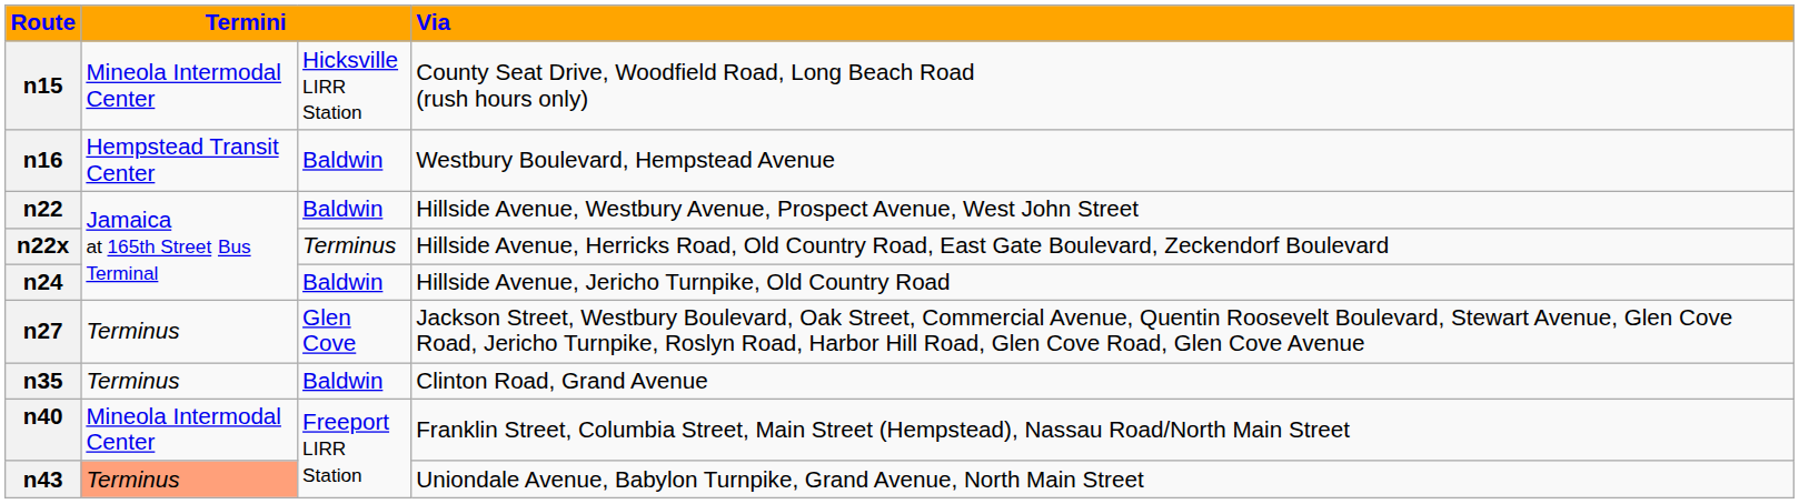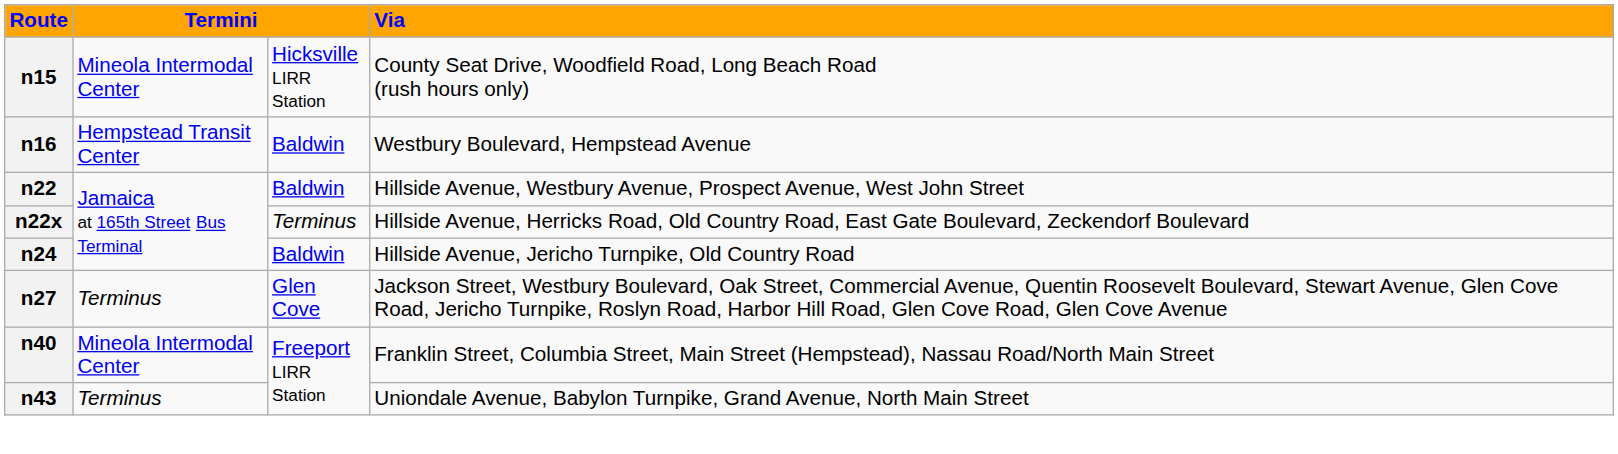 <table class="wikitable" style="font-size: 100%;">
 <tr>
 <td style="background:orange; color:blue; text-align:left;"><strong>Route</strong></td>
 <td colspan="2" style="background:orange; color:blue; text-align:center;"><strong>Termini</strong></td>
 <td style="background:orange; color:blue; text-align:left;"><strong>Via</strong></td>
 </tr>
 <tr>
 <th><strong>n15</strong></th>
 <td><a href='#'>Mineola Intermodal Center</a></td>
 <td><a href='#'>Hicksville</a><br><small>LIRR Station</small></td>
 <td>County Seat Drive, Woodfield Road, Long Beach Road<br>(rush hours only)</td>
 </tr>
 <tr>
 <th>n16</th>
 <td><a href='#'>Hempstead Transit Center</a></td>
 <td><a href='#'>Baldwin</a></td>
 <td>Westbury Boulevard, Hempstead Avenue</td>
 </tr>
 <tr>
 <th valign="top"><div><strong>n22</strong></div></th>
 <td rowspan="3"><a href='#'>Jamaica</a><br><small>at <a href='#'>165th Street</a></small> <small><a href='#'>Bus Terminal</a></small></td>
 <td><a href='#'>Baldwin</a></td>
 <td>Hillside Avenue, Westbury Avenue, Prospect Avenue, West John Street</td>
 </tr>
 <tr>
 <th>n22x</th>
 <td><em>Terminus</em></td>
 <td>Hillside Avenue, Herricks Road, Old Country Road, East Gate Boulevard, Zeckendorf Boulevard</td>
 </tr>
 <tr>
 <th valign="top"><div><strong>n24</strong></div></th>
 <td><a href='#'>Baldwin</a></td>
 <td>Hillside Avenue, Jericho Turnpike, Old Country Road</td>
 </tr>
 <tr>
 <th>n27</th>
 <td><em>Terminus</em></td>
 <td><a href='#'>Glen Cove</a></td>
 <td>Jackson Street, Westbury Boulevard, Oak Street, Commercial Avenue, Quentin Roosevelt Boulevard, Stewart Avenue, Glen Cove Road, Jericho Turnpike, Roslyn Road, Harbor Hill Road, Glen Cove Road, Glen Cove Avenue</td>
 </tr>
 <tr>
-<th>n35</th>
-<td><em>Terminus</em></td>
-<td><a href='#'>Baldwin</a></td>
-<td>Clinton Road, Grand Avenue</td>
-</tr>
-<tr>
 <th valign="top"><div><strong>n40</strong></div></th>
 <td><a href='#'>Mineola Intermodal Center</a></td>
 <td rowspan="2"><a href='#'>Freeport</a><br><small>LIRR Station</small></td>
 <td>Franklin Street, Columbia Street, Main Street (Hempstead), Nassau Road/North Main Street</td>
 </tr>
 <tr>
 <th>n43</th>
-<td style="background: lightsalmon;"><em>Terminus</em></td>
+<td><em>Terminus</em></td>
 <td>Uniondale Avenue, Babylon Turnpike, Grand Avenue, North Main Street</td>
 </tr>
 </table>
